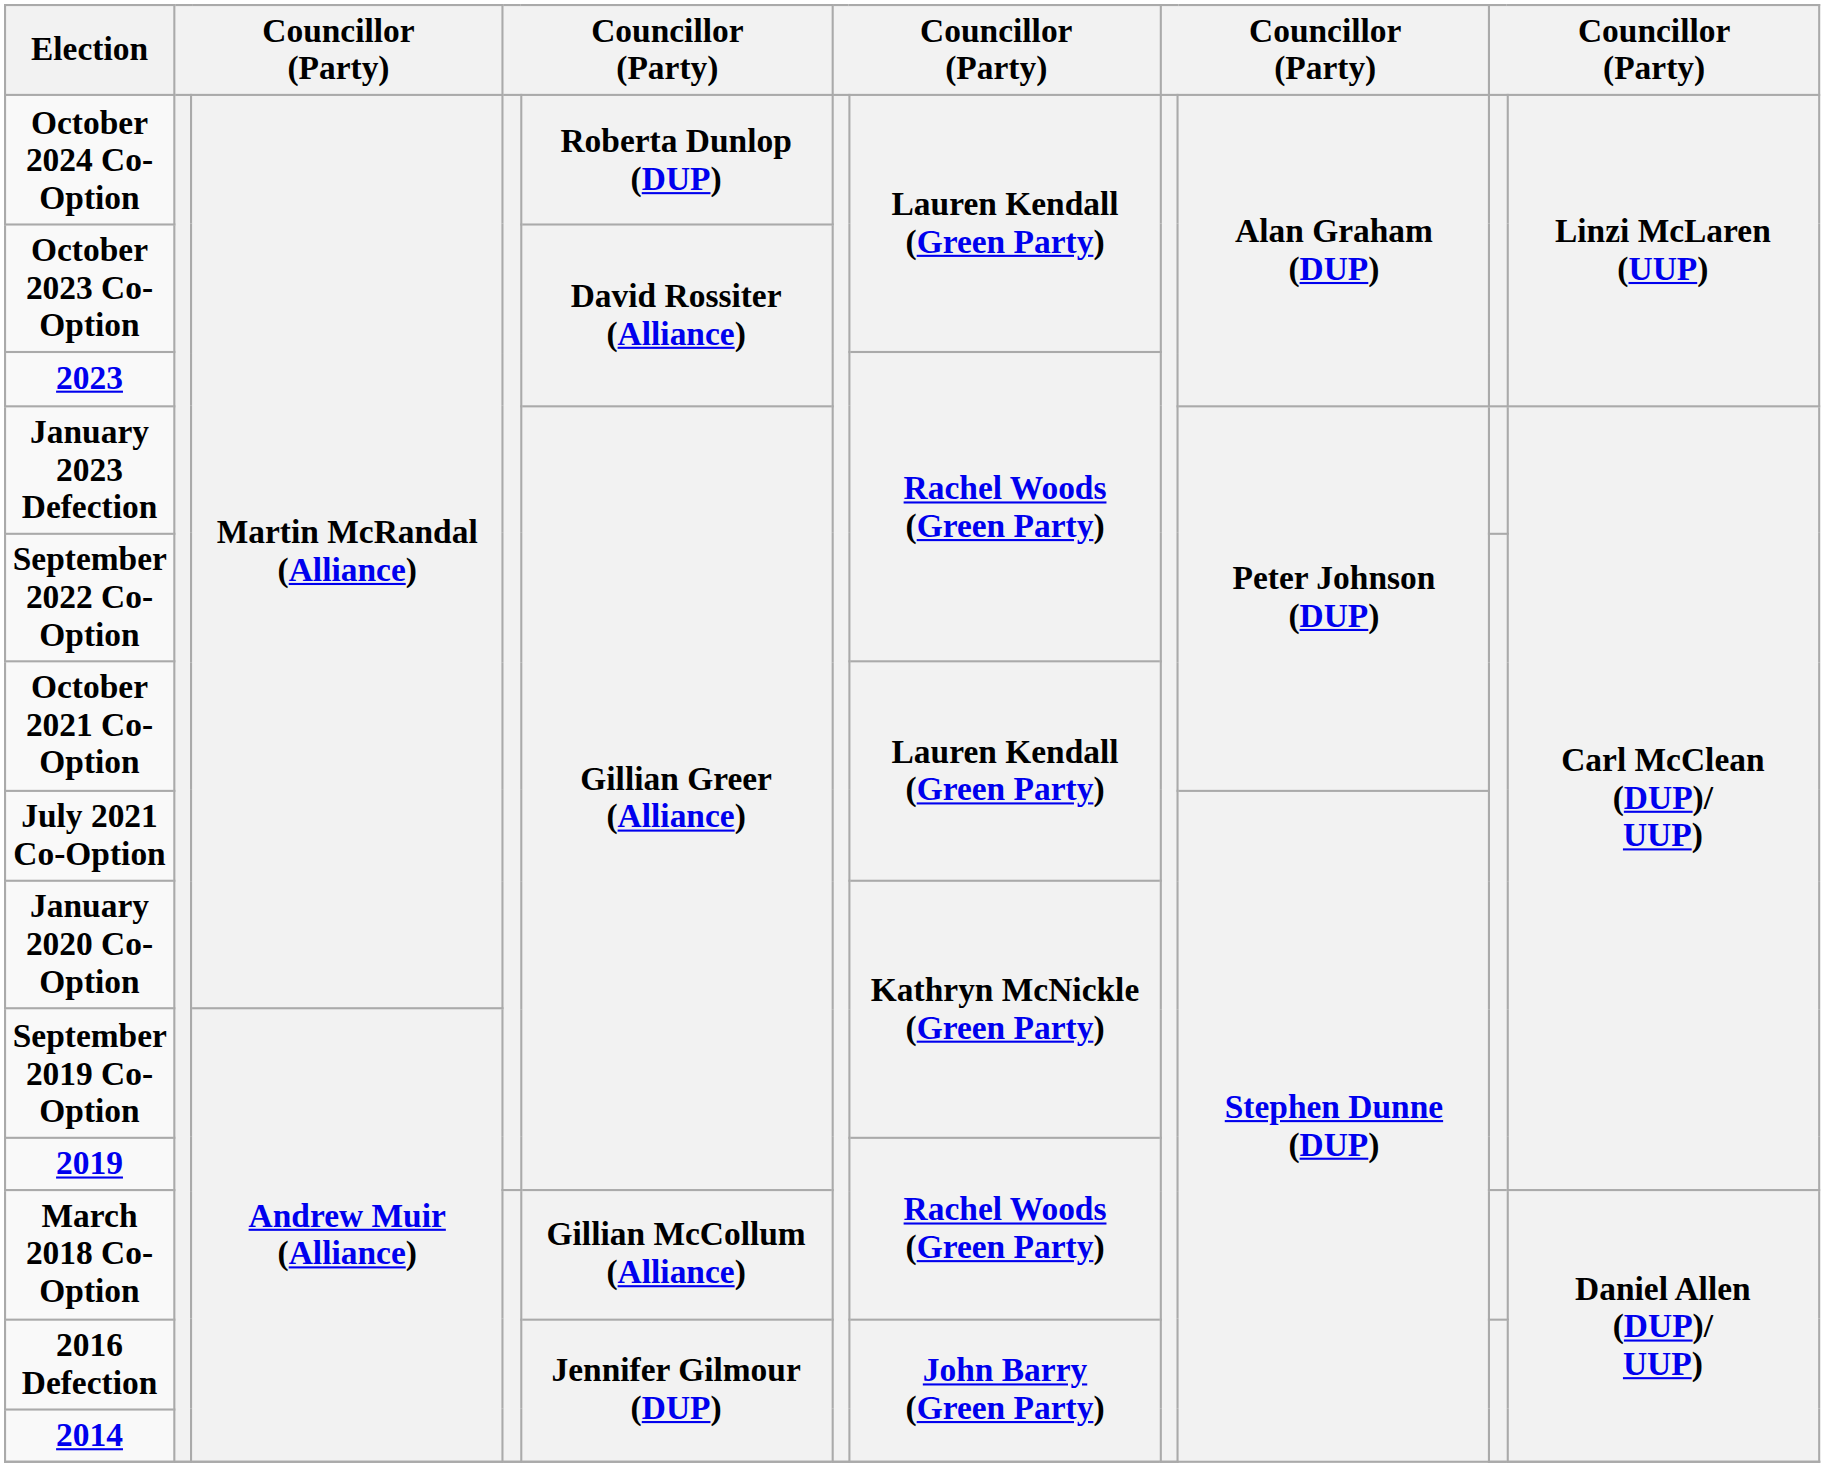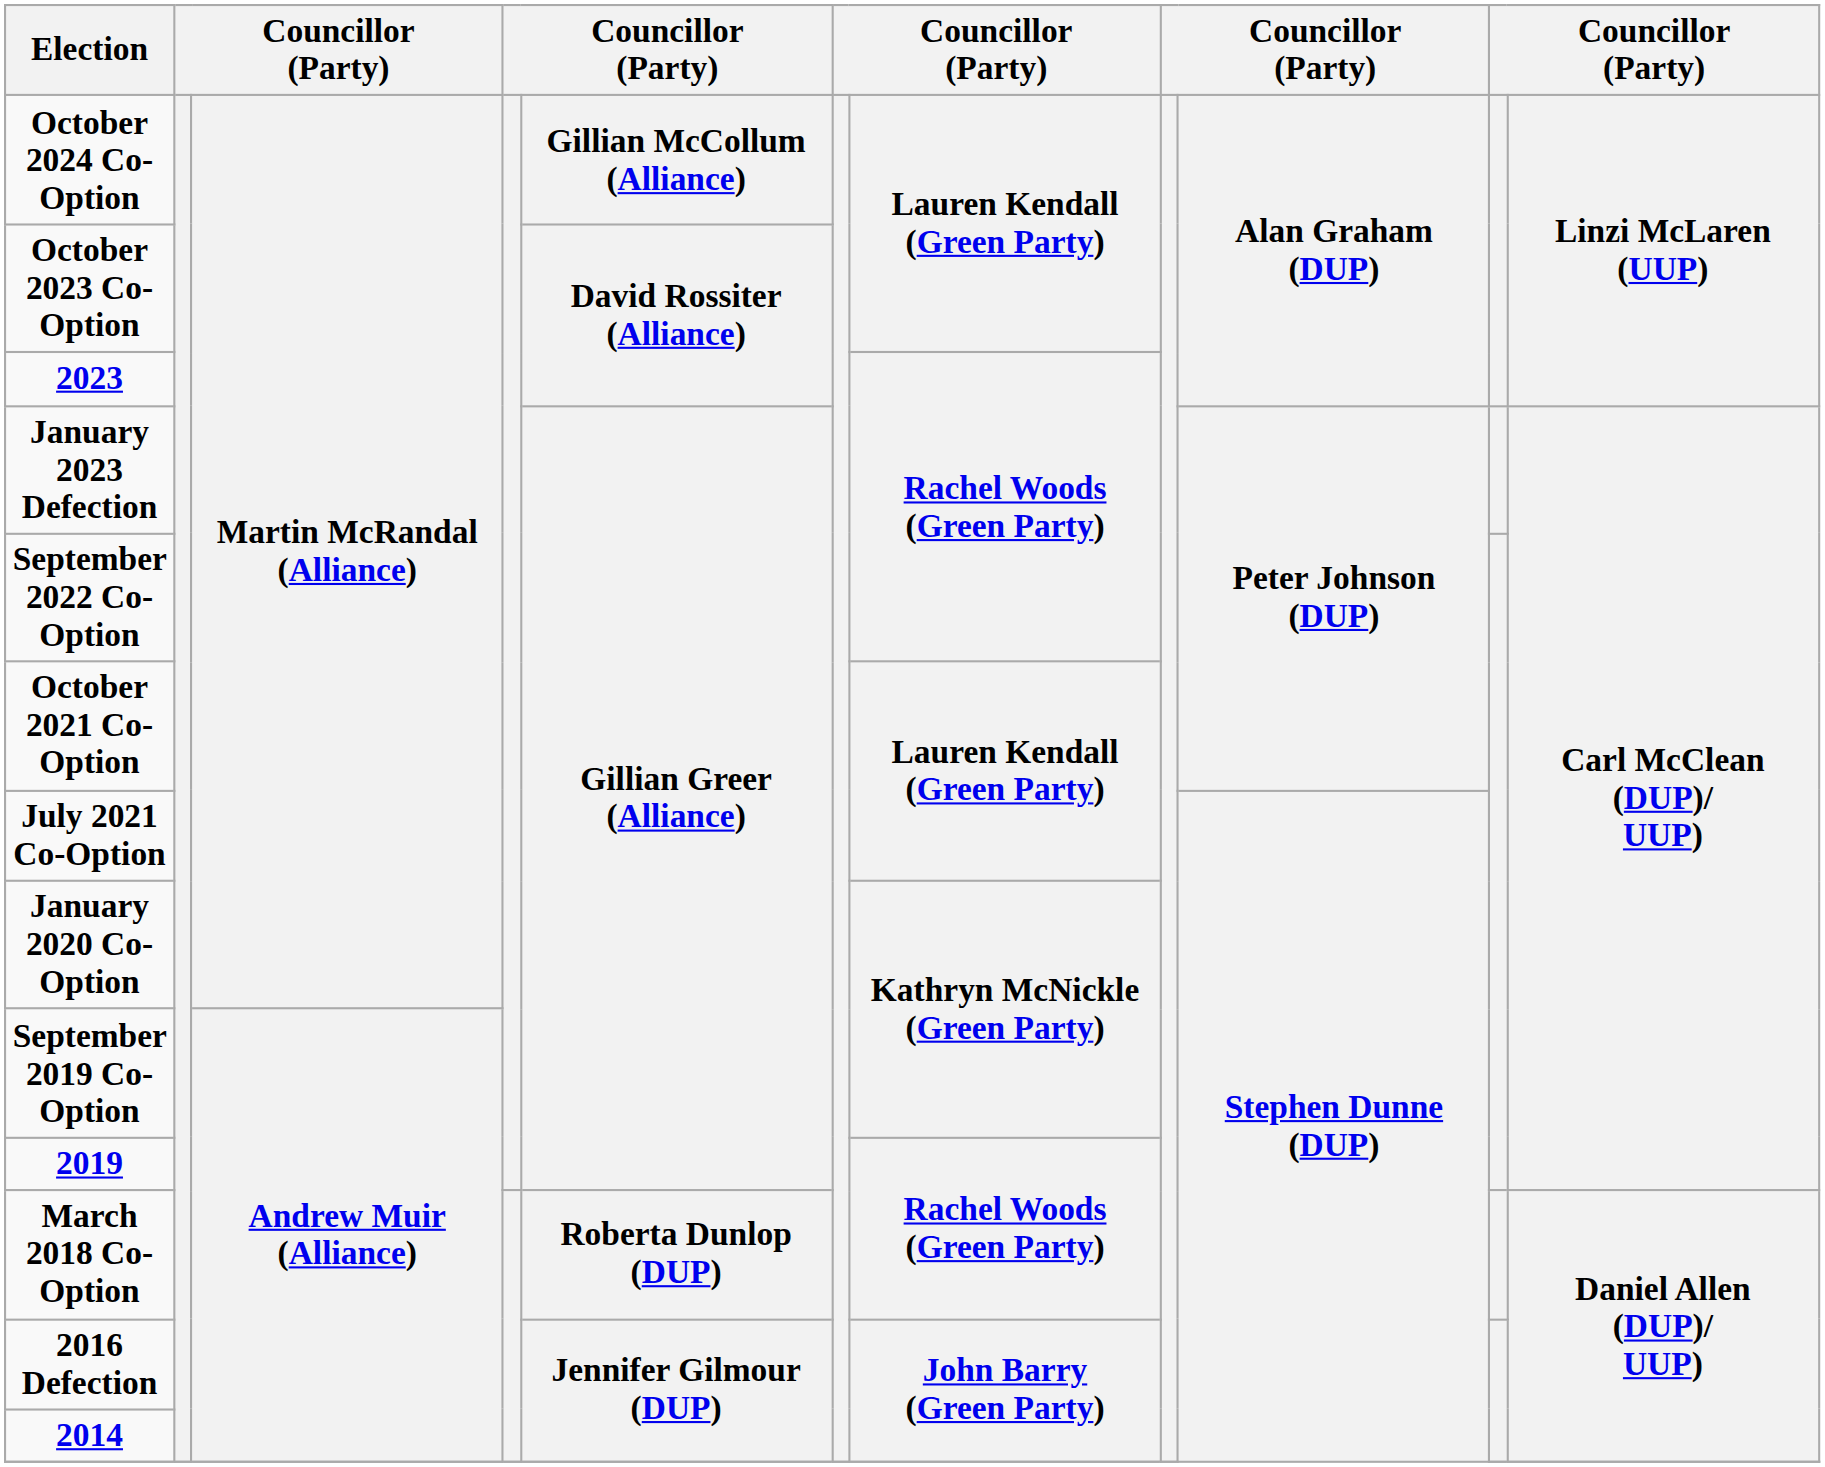 <table class="wikitable" style="text-align:center">
 <tr>
 <th scope="col" width="50">Election</th>
 <th scope="col" width="150" colspan = "2">Councillor<br> (Party)</th>
 <th scope="col" width="150" colspan = "2">Councillor<br> (Party)</th>
 <th scope="col" width="150" colspan = "2">Councillor<br> (Party)</th>
 <th scope="col" width="150" colspan = "2">Councillor<br> (Party)</th>
 <th scope="col" width="150" colspan = "2">Councillor<br> (Party)</th>
 </tr>
 <tr>
 <td><strong>October 2024 Co-Option</strong></td>
 <th rowspan="13" width="1" style="background-color: "></th>
 <th rowspan = "8">Martin McRandal <br> (<a href='#'>Alliance</a>)</th>
 <th rowspan="10" width="1" style="background-color: "></th>
-<th rowspan = "1">Roberta Dunlop <br> (<a href='#'>DUP</a>)</th>
+<th rowspan = "1">Gillian McCollum <br> (<a href='#'>Alliance</a>)</th>
 <th rowspan="13" width="1" style="background-color: "></th>
 <th rowspan = "2">Lauren Kendall <br> (<a href='#'>Green Party</a>)</th>
 <th rowspan="13" width="1" style="background-color: "></th>
 <th rowspan = "3">Alan Graham <br> (<a href='#'>DUP</a>)</th>
 <th rowspan="3" width="1" style="background-color: "></th>
 <th rowspan = "3">Linzi McLaren <br> (<a href='#'>UUP</a>)</th>
 </tr>
 <tr>
 <td><strong>October 2023 Co-Option</strong></td>
 <th rowspan = "2">David Rossiter <br> (<a href='#'>Alliance</a>)</th>
 </tr>
 <tr>
 <td><strong><a href='#'>2023</a></strong></td>
 <th rowspan = "3"><a href='#'>Rachel Woods</a> <br> (<a href='#'>Green Party</a>)</th>
 </tr>
 <tr>
 <td><strong>January 2023 Defection</strong></td>
 <th rowspan = "7">Gillian Greer <br> (<a href='#'>Alliance</a>)</th>
 <th rowspan = "3">Peter Johnson <br> (<a href='#'>DUP</a>)</th>
 <th rowspan="1" width="1" style="background-color: "></th>
 <th rowspan = "7">Carl McClean <br> (<a href='#'>DUP</a>)/ <br> <a href='#'>UUP</a>)</th>
 </tr>
 <tr>
 <td><strong>September 2022 Co-Option</strong></td>
 <th rowspan="6" width="1" style="background-color: "></th>
 </tr>
 <tr>
 <td><strong>October 2021 Co-Option</strong></td>
 <th rowspan = "2">Lauren Kendall <br> (<a href='#'>Green Party</a>)</th>
 </tr>
 <tr>
 <td><strong>July 2021 Co-Option</strong></td>
 <th rowspan = "8"><a href='#'>Stephen Dunne</a> <br> (<a href='#'>DUP</a>)</th>
 </tr>
 <tr>
 <td><strong>January 2020 Co-Option</strong></td>
 <th rowspan = "2">Kathryn McNickle <br> (<a href='#'>Green Party</a>)</th>
 </tr>
 <tr>
 <td><strong>September 2019 Co-Option</strong></td>
 <th rowspan = "5"><a href='#'>Andrew Muir</a> <br> (<a href='#'>Alliance</a>)</th>
 </tr>
 <tr>
 <td><strong><a href='#'>2019</a></strong></td>
 <th rowspan = "2"><a href='#'>Rachel Woods</a> <br> (<a href='#'>Green Party</a>)</th>
 </tr>
 <tr>
 <td><strong>March 2018 Co-Option</strong></td>
 <th rowspan="3" width="1" style="background-color: "></th>
-<th rowspan = "1">Gillian McCollum <br> (<a href='#'>Alliance</a>)</th>
+<th rowspan = "1">Roberta Dunlop <br> (<a href='#'>DUP</a>)</th>
 <th rowspan="1" width="1" style="background-color: "></th>
 <th rowspan = "3">Daniel Allen <br> (<a href='#'>DUP</a>)/ <br> <a href='#'>UUP</a>)</th>
 </tr>
 <tr>
 <td><strong>2016 Defection</strong></td>
 <th rowspan = "2">Jennifer Gilmour <br> (<a href='#'>DUP</a>)</th>
 <th rowspan = "2"><a href='#'>John Barry</a> <br> (<a href='#'>Green Party</a>)</th>
 <th rowspan="2" width="1" style="background-color: "></th>
 </tr>
 <tr>
 <td><strong><a href='#'>2014</a></strong></td>
 </tr>
 <tr>
 </tr>
 </table>
